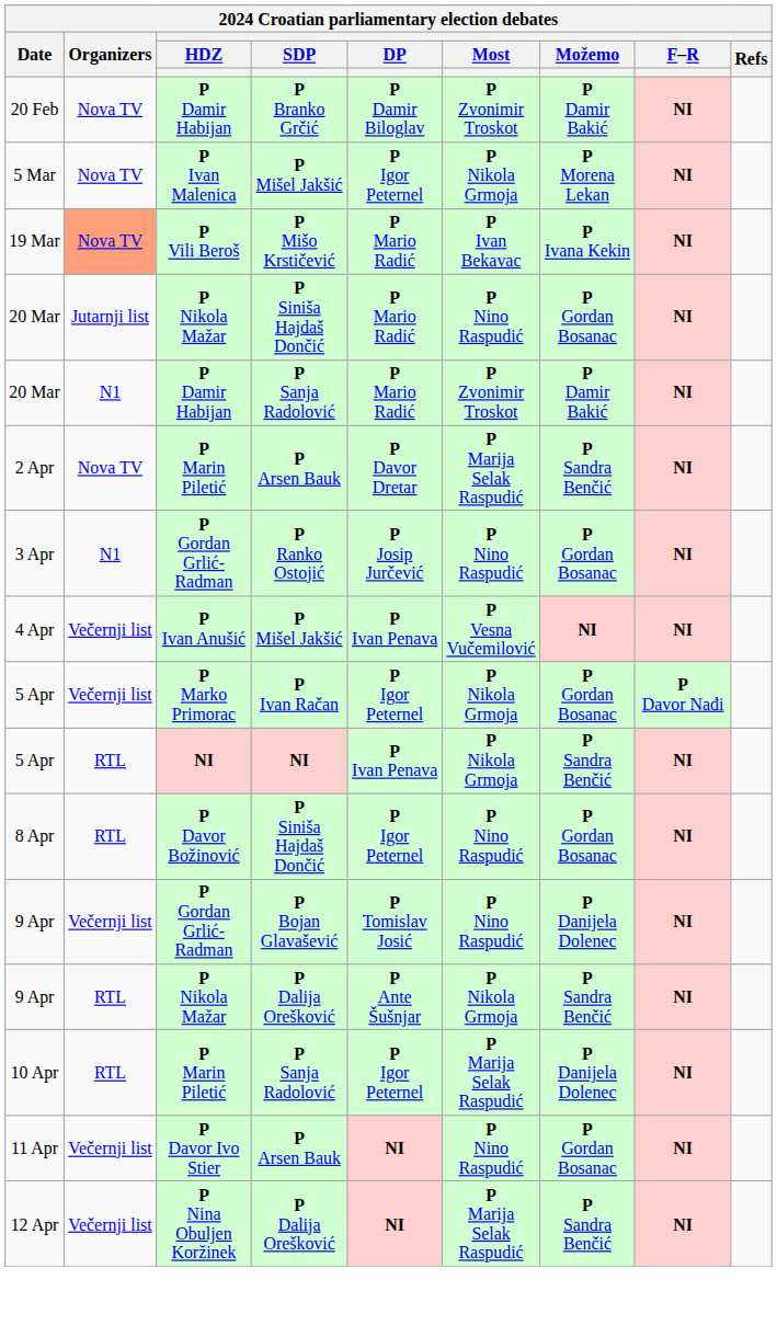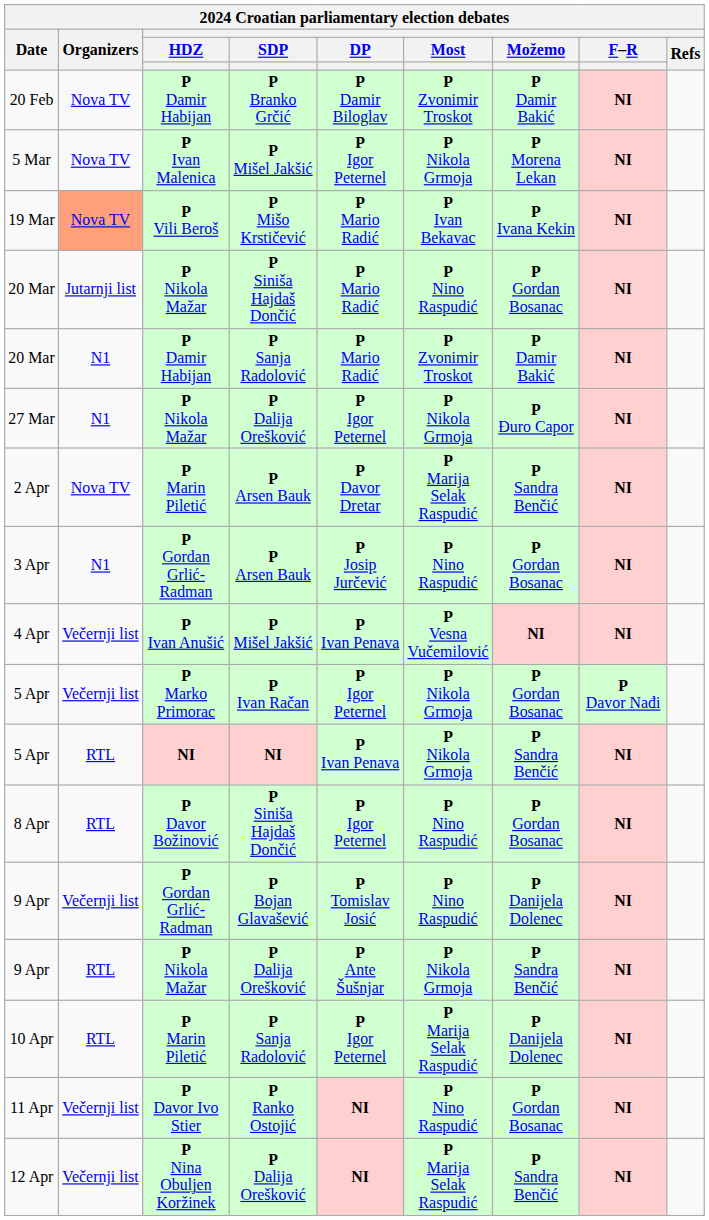 <table class="wikitable" style="font-size:85%; line-height:15px; text-align:center">
 <tr>
 <th colspan="9">2024 Croatian parliamentary election debates</th>
 </tr>
 <tr>
 <th rowspan="3">Date</th>
 <th rowspan="3">Organizers</th>
 <th colspan="7">        </th>
 </tr>
 <tr>
 <th scope="col" style="width:5em"><a href='#'>HDZ</a></th>
 <th scope="col" style="width:5em"><a href='#'>SDP</a></th>
 <th scope="col" style="width:5em"><a href='#'>DP</a></th>
 <th scope="col" style="width:5em"><a href='#'>Most</a></th>
 <th scope="col" style="width:5em"><a href='#'>Možemo</a></th>
 <th scope="col" style="width:5em"><a href='#'>F</a>–<a href='#'>R</a></th>
 <th rowspan="2">Refs</th>
 </tr>
 <tr>
 <th style="background:"></th>
 <th style="background:"></th>
 <th style="background:"></th>
 <th style="background:"></th>
 <th style="background:"></th>
 <th style="background:"></th>
 </tr>
 <tr>
 <td>20 Feb</td>
 <td><a href='#'>Nova TV</a></td>
 <td style="background:#D0FFD0"><strong>P</strong><br><a href='#'>Damir Habijan</a></td>
 <td style="background:#D0FFD0"><strong>P</strong><br><a href='#'>Branko Grčić</a></td>
 <td style="background:#D0FFD0"><strong>P</strong><br><a href='#'>Damir Biloglav</a></td>
 <td style="background:#D0FFD0"><strong>P</strong><br><a href='#'>Zvonimir Troskot</a></td>
 <td style="background:#D0FFD0"><strong>P</strong><br><a href='#'>Damir Bakić</a></td>
 <td style="background:#FFD0D0"><strong>NI</strong></td>
 <td></td>
 </tr>
 <tr>
 <td>5 Mar</td>
 <td><a href='#'>Nova TV</a></td>
 <td style="background:#D0FFD0"><strong>P</strong><br><a href='#'>Ivan Malenica</a></td>
 <td style="background:#D0FFD0"><strong>P</strong><br><a href='#'>Mišel Jakšić</a></td>
 <td style="background:#D0FFD0"><strong>P</strong><br><a href='#'>Igor Peternel</a></td>
 <td style="background:#D0FFD0"><strong>P</strong><br><a href='#'>Nikola Grmoja</a></td>
 <td style="background:#D0FFD0"><strong>P</strong><br><a href='#'>Morena Lekan</a></td>
 <td style="background:#FFD0D0"><strong>NI</strong></td>
 <td></td>
 </tr>
 <tr>
 <td>19 Mar</td>
 <td style="background: lightsalmon;"><a href='#'>Nova TV</a></td>
 <td style="background:#D0FFD0"><strong>P</strong><br><a href='#'>Vili Beroš</a></td>
 <td style="background:#D0FFD0"><strong>P</strong><br><a href='#'>Mišo Krstičević</a></td>
 <td style="background:#D0FFD0"><strong>P</strong><br><a href='#'>Mario Radić</a></td>
 <td style="background:#D0FFD0"><strong>P</strong><br><a href='#'>Ivan Bekavac</a></td>
 <td style="background:#D0FFD0"><strong>P</strong><br><a href='#'>Ivana Kekin</a></td>
 <td style="background:#FFD0D0"><strong>NI</strong></td>
 <td></td>
 </tr>
 <tr>
 <td>20 Mar</td>
 <td><a href='#'>Jutarnji list</a></td>
 <td style="background:#D0FFD0"><strong>P</strong><br><a href='#'>Nikola Mažar</a></td>
 <td style="background:#D0FFD0"><strong>P</strong><br><a href='#'>Siniša Hajdaš Dončić</a></td>
 <td style="background:#D0FFD0"><strong>P</strong><br><a href='#'>Mario Radić</a></td>
 <td style="background:#D0FFD0"><strong>P</strong><br><a href='#'>Nino Raspudić</a></td>
 <td style="background:#D0FFD0"><strong>P</strong><br><a href='#'>Gordan Bosanac</a></td>
 <td style="background:#FFD0D0"><strong>NI</strong></td>
 <td></td>
 </tr>
 <tr>
 <td>20 Mar</td>
 <td><a href='#'>N1</a></td>
 <td style="background:#D0FFD0"><strong>P</strong><br><a href='#'>Damir Habijan</a></td>
 <td style="background:#D0FFD0"><strong>P</strong><br><a href='#'>Sanja Radolović</a></td>
 <td style="background:#D0FFD0"><strong>P</strong><br><a href='#'>Mario Radić</a></td>
 <td style="background:#D0FFD0"><strong>P</strong><br><a href='#'>Zvonimir Troskot</a></td>
 <td style="background:#D0FFD0"><strong>P</strong><br><a href='#'>Damir Bakić</a></td>
 <td style="background:#FFD0D0"><strong>NI</strong></td>
 <td></td>
 </tr>
 <tr>
+<td>27 Mar</td>
+<td><a href='#'>N1</a></td>
+<td style="background:#D0FFD0"><strong>P</strong><br><a href='#'>Nikola Mažar</a></td>
+<td style="background:#D0FFD0"><strong>P</strong><br><a href='#'>Dalija Orešković</a></td>
+<td style="background:#D0FFD0"><strong>P</strong><br><a href='#'>Igor Peternel</a></td>
+<td style="background:#D0FFD0"><strong>P</strong><br><a href='#'>Nikola Grmoja</a></td>
+<td style="background:#D0FFD0"><strong>P</strong><br><a href='#'>Đuro Capor</a></td>
+<td style="background:#FFD0D0"><strong>NI</strong></td>
+<td></td>
+</tr>
+<tr>
 <td>2 Apr</td>
 <td><a href='#'>Nova TV</a></td>
 <td style="background:#D0FFD0"><strong>P</strong><br><a href='#'>Marin Piletić</a></td>
 <td style="background:#D0FFD0"><strong>P</strong><br><a href='#'>Arsen Bauk</a></td>
 <td style="background:#D0FFD0"><strong>P</strong><br><a href='#'>Davor Dretar</a></td>
 <td style="background:#D0FFD0"><strong>P</strong><br><a href='#'>Marija Selak Raspudić</a></td>
 <td style="background:#D0FFD0"><strong>P</strong><br><a href='#'>Sandra Benčić</a></td>
 <td style="background:#FFD0D0"><strong>NI</strong></td>
 <td></td>
 </tr>
 <tr>
 <td>3 Apr</td>
 <td><a href='#'>N1</a></td>
 <td style="background:#D0FFD0"><strong>P</strong><br><a href='#'>Gordan Grlić-Radman</a></td>
-<td style="background:#D0FFD0"><strong>P</strong><br><a href='#'>Ranko Ostojić</a></td>
+<td style="background:#D0FFD0"><strong>P</strong><br><a href='#'>Arsen Bauk</a></td>
 <td style="background:#D0FFD0"><strong>P</strong><br><a href='#'>Josip Jurčević</a></td>
 <td style="background:#D0FFD0"><strong>P</strong><br><a href='#'>Nino Raspudić</a></td>
 <td style="background:#D0FFD0"><strong>P</strong><br><a href='#'>Gordan Bosanac</a></td>
 <td style="background:#FFD0D0"><strong>NI</strong></td>
 <td></td>
 </tr>
 <tr>
 <td>4 Apr</td>
 <td><a href='#'>Večernji list</a></td>
 <td style="background:#D0FFD0"><strong>P</strong><br><a href='#'>Ivan Anušić</a></td>
 <td style="background:#D0FFD0"><strong>P</strong><br><a href='#'>Mišel Jakšić</a></td>
 <td style="background:#D0FFD0"><strong>P</strong><br><a href='#'>Ivan Penava</a></td>
 <td style="background:#D0FFD0"><strong>P</strong><br><a href='#'>Vesna Vučemilović</a></td>
 <td style="background:#FFD0D0"><strong>NI</strong></td>
 <td style="background:#FFD0D0"><strong>NI</strong></td>
 <td></td>
 </tr>
 <tr>
 <td>5 Apr</td>
 <td><a href='#'>Večernji list</a></td>
 <td style="background:#D0FFD0"><strong>P</strong><br><a href='#'>Marko Primorac</a></td>
 <td style="background:#D0FFD0"><strong>P</strong><br><a href='#'>Ivan Račan</a></td>
 <td style="background:#D0FFD0"><strong>P</strong><br><a href='#'>Igor Peternel</a></td>
 <td style="background:#D0FFD0"><strong>P</strong><br><a href='#'>Nikola Grmoja</a></td>
 <td style="background:#D0FFD0"><strong>P</strong><br><a href='#'>Gordan Bosanac</a></td>
 <td style="background:#D0FFD0"><strong>P</strong><br><a href='#'>Davor Nađi</a></td>
 <td></td>
 </tr>
 <tr>
 <td>5 Apr</td>
 <td><a href='#'>RTL</a></td>
 <td style="background:#FFD0D0"><strong>NI</strong></td>
 <td style="background:#FFD0D0"><strong>NI</strong></td>
 <td style="background:#D0FFD0"><strong>P</strong><br><a href='#'>Ivan Penava</a></td>
 <td style="background:#D0FFD0"><strong>P</strong><br><a href='#'>Nikola Grmoja</a></td>
 <td style="background:#D0FFD0"><strong>P</strong><br><a href='#'>Sandra Benčić</a></td>
 <td style="background:#FFD0D0"><strong>NI</strong></td>
 <td></td>
 </tr>
 <tr>
 <td>8 Apr</td>
 <td><a href='#'>RTL</a></td>
 <td style="background:#D0FFD0"><strong>P</strong><br><a href='#'>Davor Božinović</a></td>
 <td style="background:#D0FFD0"><strong>P</strong><br><a href='#'>Siniša Hajdaš Dončić</a></td>
 <td style="background:#D0FFD0"><strong>P</strong><br><a href='#'>Igor Peternel</a></td>
 <td style="background:#D0FFD0"><strong>P</strong><br><a href='#'>Nino Raspudić</a></td>
 <td style="background:#D0FFD0"><strong>P</strong><br><a href='#'>Gordan Bosanac</a></td>
 <td style="background:#FFD0D0"><strong>NI</strong></td>
 <td></td>
 </tr>
 <tr>
 <td>9 Apr</td>
 <td><a href='#'>Večernji list</a></td>
 <td style="background:#D0FFD0"><strong>P</strong><br><a href='#'>Gordan Grlić-Radman</a></td>
 <td style="background:#D0FFD0"><strong>P</strong><br><a href='#'>Bojan Glavašević</a></td>
 <td style="background:#D0FFD0"><strong>P</strong><br><a href='#'>Tomislav Josić</a></td>
 <td style="background:#D0FFD0"><strong>P</strong><br><a href='#'>Nino Raspudić</a></td>
 <td style="background:#D0FFD0"><strong>P</strong><br><a href='#'>Danijela Dolenec</a></td>
 <td style="background:#FFD0D0"><strong>NI</strong></td>
 <td></td>
 </tr>
 <tr>
 <td>9 Apr</td>
 <td><a href='#'>RTL</a></td>
 <td style="background:#D0FFD0"><strong>P</strong><br><a href='#'>Nikola Mažar</a></td>
 <td style="background:#D0FFD0"><strong>P</strong><br><a href='#'>Dalija Orešković</a></td>
 <td style="background:#D0FFD0"><strong>P</strong><br><a href='#'>Ante Šušnjar</a></td>
 <td style="background:#D0FFD0"><strong>P</strong><br><a href='#'>Nikola Grmoja</a></td>
 <td style="background:#D0FFD0"><strong>P</strong><br><a href='#'>Sandra Benčić</a></td>
 <td style="background:#FFD0D0"><strong>NI</strong></td>
 <td></td>
 </tr>
 <tr>
 <td>10 Apr</td>
 <td><a href='#'>RTL</a></td>
 <td style="background:#D0FFD0"><strong>P</strong><br><a href='#'>Marin Piletić</a></td>
 <td style="background:#D0FFD0"><strong>P</strong><br><a href='#'>Sanja Radolović</a></td>
 <td style="background:#D0FFD0"><strong>P</strong><br><a href='#'>Igor Peternel</a></td>
 <td style="background:#D0FFD0"><strong>P</strong><br><a href='#'>Marija Selak Raspudić</a></td>
 <td style="background:#D0FFD0"><strong>P</strong><br><a href='#'>Danijela Dolenec</a></td>
 <td style="background:#FFD0D0"><strong>NI</strong></td>
 <td></td>
 </tr>
 <tr>
 <td>11 Apr</td>
 <td><a href='#'>Večernji list</a></td>
 <td style="background:#D0FFD0"><strong>P</strong><br><a href='#'>Davor Ivo Stier</a></td>
-<td style="background:#D0FFD0"><strong>P</strong><br><a href='#'>Arsen Bauk</a></td>
+<td style="background:#D0FFD0"><strong>P</strong><br><a href='#'>Ranko Ostojić</a></td>
 <td style="background:#FFD0D0"><strong>NI</strong></td>
 <td style="background:#D0FFD0"><strong>P</strong><br><a href='#'>Nino Raspudić</a></td>
 <td style="background:#D0FFD0"><strong>P</strong><br><a href='#'>Gordan Bosanac</a></td>
 <td style="background:#FFD0D0"><strong>NI</strong></td>
 <td></td>
 </tr>
 <tr>
 <td>12 Apr</td>
 <td><a href='#'>Večernji list</a></td>
 <td style="background:#D0FFD0"><strong>P</strong><br><a href='#'>Nina Obuljen Koržinek</a></td>
 <td style="background:#D0FFD0"><strong>P</strong><br><a href='#'>Dalija Orešković</a></td>
 <td style="background:#FFD0D0"><strong>NI</strong></td>
 <td style="background:#D0FFD0"><strong>P</strong><br><a href='#'>Marija Selak Raspudić</a></td>
 <td style="background:#D0FFD0"><strong>P</strong><br><a href='#'>Sandra Benčić</a></td>
 <td style="background:#FFD0D0"><strong>NI</strong></td>
 <td></td>
 </tr>
 </table>
